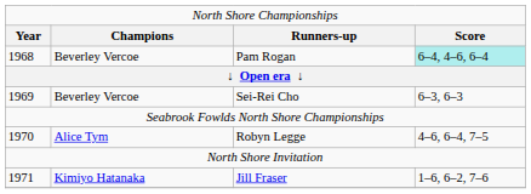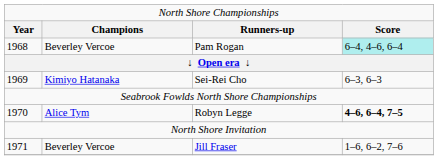 <table class="wikitable">
 <tr>
 <td colspan=4 align=center><em>North Shore Championships</em></td>
 </tr>
 <tr>
 <th style="width:50px">Year</th>
 <th style="width:220px">Champions</th>
 <th style="width:220px">Runners-up</th>
 <th style="width:130px" class="unsortable">Score</th>
 </tr>
 <tr>
 <td>1968</td>
 <td> Beverley Vercoe</td>
 <td> Pam Rogan</td>
 <td style="background: paleturquoise;">6–4, 4–6, 6–4</td>
 </tr>
 <tr>
 <th colspan=4 align=center>↓  <a href='#'>Open era</a>  ↓</th>
 </tr>
 <tr>
 <td>1969</td>
-<td> Beverley Vercoe</td>
+<td> <a href='#'>Kimiyo Hatanaka</a></td>
 <td> Sei-Rei Cho</td>
 <td>6–3, 6–3</td>
 </tr>
 <tr>
 <td colspan=4 align=center><em>Seabrook Fowlds North Shore Championships</em></td>
 </tr>
 <tr>
 <td>1970</td>
 <td> <a href='#'>Alice Tym</a></td>
 <td> Robyn Legge</td>
-<td>4–6, 6–4, 7–5</td>
+<td><strong>4–6, 6–4, 7–5</strong></td>
 </tr>
 <tr>
 <td colspan=4 align=center><em>North Shore Invitation</em></td>
 </tr>
 <tr>
 <td>1971</td>
-<td> <a href='#'>Kimiyo Hatanaka</a></td>
+<td> Beverley Vercoe</td>
 <td> <a href='#'>Jill Fraser</a></td>
 <td>1–6, 6–2, 7–6</td>
 </tr>
 <tr>
 </tr>
 </table>
